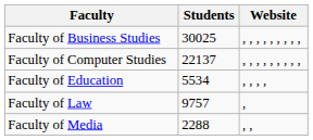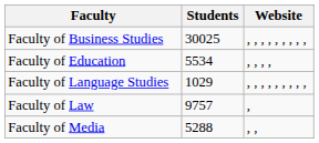 <table class="wikitable" width="40%">
 <tr>
 <th>Faculty</th>
 <th>Students</th>
 <th><strong>Website</strong></th>
 </tr>
 <tr>
 <td>Faculty of <a href='#'>Business Studies</a></td>
 <td>30025</td>
 <td>, , , , , , , , , </td>
 </tr>
 <tr>
-<td>Faculty of Computer Studies</td>
-<td>22137</td>
-<td>, , , , , , , , , </td>
-</tr>
-<tr>
 <td>Faculty of <a href='#'>Education</a></td>
 <td>5534</td>
 <td>, , , , </td>
+</tr>
+<tr>
+<td>Faculty of <a href='#'>Language Studies</a></td>
+<td>1029</td>
+<td>, , , , , , , , , </td>
 </tr>
 <tr>
 <td>Faculty of <a href='#'>Law</a></td>
 <td>9757</td>
 <td>, </td>
 </tr>
 <tr>
 <td>Faculty of <a href='#'>Media</a></td>
-<td>2288</td>
+<td>5288</td>
 <td>, , </td>
 </tr>
 </table>
